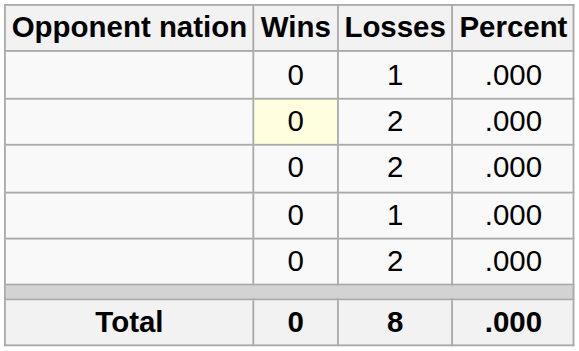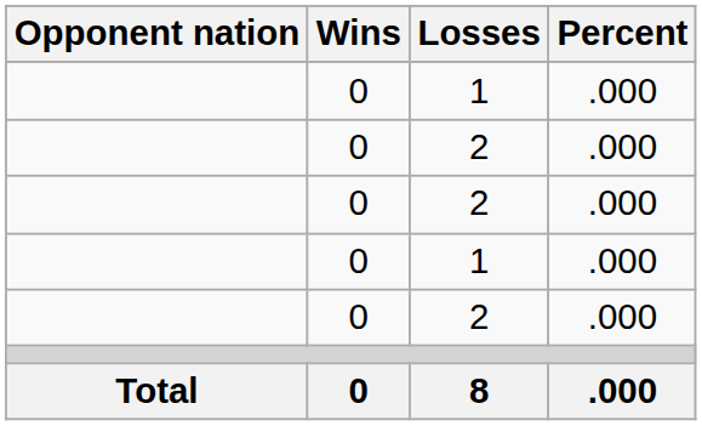 <table class=wikitable>
 <tr>
 <th>Opponent nation</th>
 <th>Wins</th>
 <th>Losses</th>
 <th>Percent</th>
 </tr>
 <tr align=center>
 <td align=left></td>
 <td>0</td>
 <td>1</td>
 <td>.000</td>
 </tr>
 <tr align=center>
 <td align=left></td>
-<td style="background: lightyellow;">0</td>
+<td>0</td>
 <td>2</td>
 <td>.000</td>
 </tr>
 <tr align=center>
 <td align=left></td>
 <td>0</td>
 <td>2</td>
 <td>.000</td>
 </tr>
 <tr align=center>
 <td align=left></td>
 <td>0</td>
 <td>1</td>
 <td>.000</td>
 </tr>
 <tr align=center>
 <td align=left></td>
 <td>0</td>
 <td>2</td>
 <td>.000</td>
 </tr>
 <tr>
 <td colspan=4 bgcolor=lightgray></td>
 </tr>
 <tr>
 <th>Total</th>
 <th>0</th>
 <th>8</th>
 <th>.000</th>
 </tr>
 </table>
